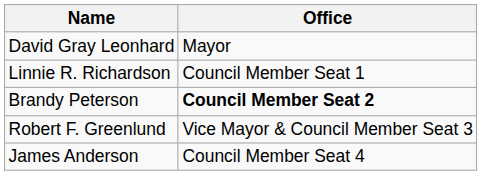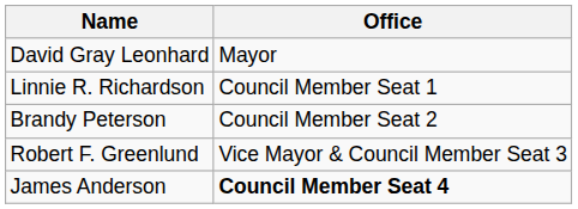 <table class="wikitable">
 <tr>
 <th>Name</th>
 <th>Office</th>
 </tr>
 <tr>
 <td>David Gray Leonhard</td>
 <td>Mayor</td>
 </tr>
 <tr>
 <td>Linnie R. Richardson</td>
 <td>Council Member Seat 1</td>
 </tr>
 <tr>
 <td>Brandy Peterson</td>
-<td><strong>Council Member Seat 2</strong></td>
+<td>Council Member Seat 2</td>
 </tr>
 <tr>
 <td>Robert F. Greenlund</td>
 <td>Vice Mayor & Council Member Seat 3</td>
 </tr>
 <tr>
 <td>James Anderson</td>
-<td>Council Member Seat 4</td>
+<td><strong>Council Member Seat 4</strong></td>
 </tr>
 </table>
